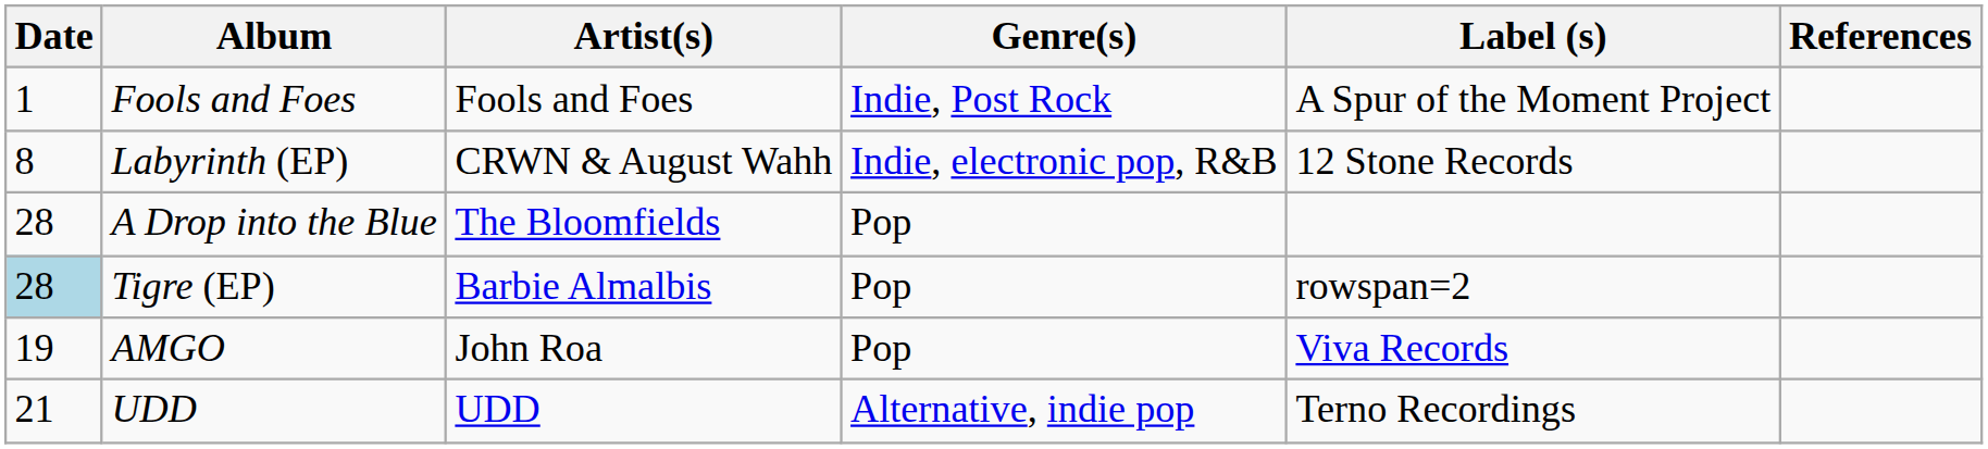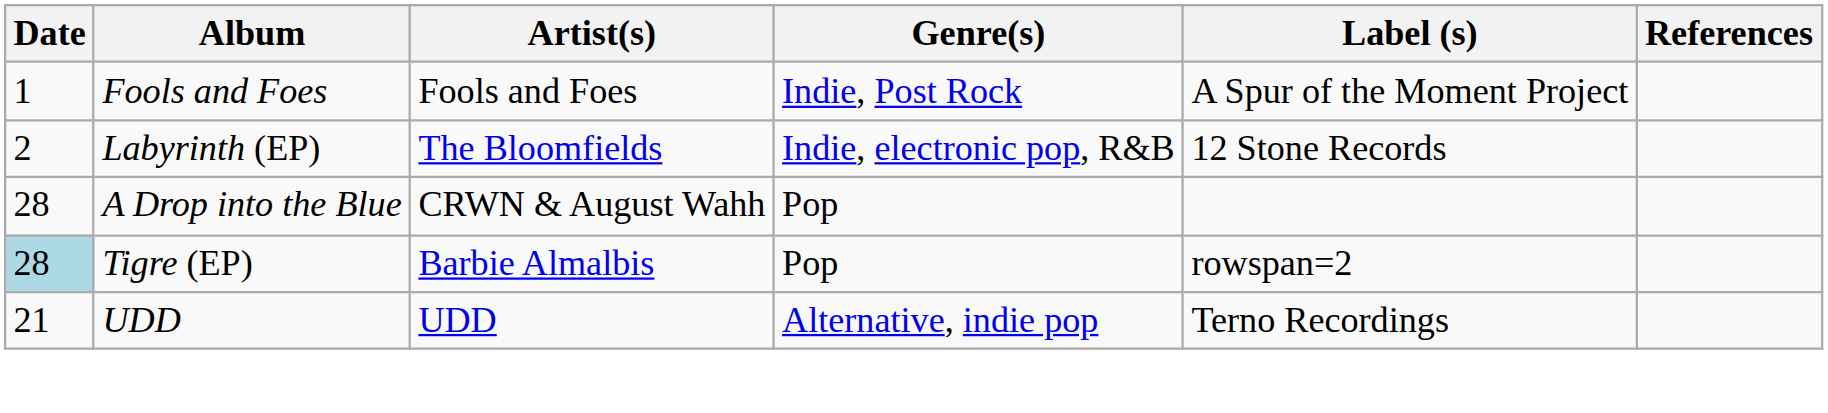 <table class="wikitable">
 <tr>
 <th>Date</th>
 <th>Album</th>
 <th>Artist(s)</th>
 <th>Genre(s)</th>
 <th>Label (s)</th>
 <th>References</th>
 </tr>
 <tr>
 <td>1</td>
 <td><em>Fools and Foes</em></td>
 <td>Fools and Foes</td>
 <td><a href='#'>Indie</a>, <a href='#'>Post Rock</a></td>
 <td>A Spur of the Moment Project</td>
 <td></td>
 </tr>
 <tr>
-<td>8</td>
+<td>2</td>
 <td><em>Labyrinth</em> (EP)</td>
-<td>CRWN & August Wahh</td>
+<td><a href='#'>The Bloomfields</a></td>
 <td><a href='#'>Indie</a>, <a href='#'>electronic pop</a>, R&B</td>
 <td>12 Stone Records</td>
 <td></td>
 </tr>
 <tr>
 <td>28</td>
 <td><em>A Drop into the Blue</em></td>
-<td><a href='#'>The Bloomfields</a></td>
+<td>CRWN & August Wahh</td>
 <td>Pop</td>
 <td></td>
 </tr>
 <tr>
 <td style="background: lightblue;">28</td>
 <td><em>Tigre</em> (EP)</td>
 <td><a href='#'>Barbie Almalbis</a></td>
 <td>Pop</td>
 <td>rowspan=2 </td>
 <td></td>
 </tr>
 <tr>
-<td>19</td>
-<td><em>AMGO</em></td>
-<td>John Roa</td>
-<td>Pop</td>
-<td><a href='#'>Viva Records</a></td>
-<td></td>
-</tr>
-<tr>
 <td>21</td>
 <td><em>UDD</em></td>
 <td><a href='#'>UDD</a></td>
 <td><a href='#'>Alternative</a>, <a href='#'>indie pop</a></td>
 <td>Terno Recordings</td>
 <td></td>
 </tr>
 </table>
